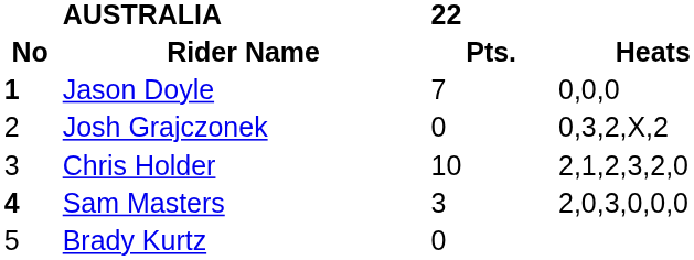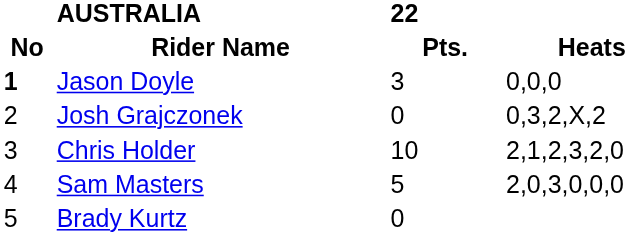 <table class="toccolours">
 <tr>
 <td></td>
 <td><strong>AUSTRALIA</strong></td>
 <td><strong>22</strong></td>
 </tr>
 <tr style="background-color:">
 <th width=30px>No</th>
 <th width=210px>Rider Name</th>
 <th width=70px>Pts.</th>
 <th width=110px>Heats</th>
 </tr>
 <tr style="background-color:">
 <td><strong>1</strong></td>
 <td><a href='#'>Jason Doyle</a></td>
-<td>7</td>
+<td>3</td>
 <td>0,0,0</td>
 </tr>
 <tr style="background-color:">
 <td>2</td>
 <td><a href='#'>Josh Grajczonek</a></td>
 <td>0</td>
 <td>0,3,2,X,2</td>
 </tr>
 <tr style="background-color:">
 <td>3</td>
 <td><a href='#'>Chris Holder</a></td>
 <td>10</td>
 <td>2,1,2,3,2,0</td>
 </tr>
 <tr style="background-color:">
-<td><strong>4</strong></td>
+<td>4</td>
 <td><a href='#'>Sam Masters</a></td>
-<td>3</td>
+<td>5</td>
 <td>2,0,3,0,0,0</td>
 </tr>
 <tr style="background-color:">
 <td>5</td>
 <td><a href='#'>Brady Kurtz</a></td>
 <td>0</td>
 <td></td>
 </tr>
 </table>
